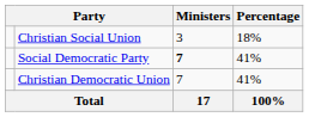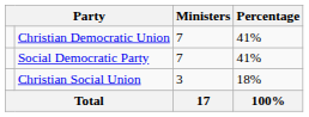 <table class="wikitable">
 <tr>
 <th colspan="2">Party</th>
 <th>Ministers</th>
 <th>Percentage</th>
+</tr>
+<tr>
+<td width="4px"></td>
+<td><a href='#'>Christian Democratic Union</a></td>
+<td>7</td>
+<td>41%</td>
+</tr>
+<tr>
+<td width="4px"></td>
+<td><a href='#'>Social Democratic Party</a></td>
+<td>7</td>
+<td>41%</td>
 </tr>
 <tr>
 <td></td>
 <td><a href='#'>Christian Social Union</a></td>
 <td>3</td>
 <td>18%</td>
 </tr>
 <tr>
-<td width="4px"></td>
-<td><a href='#'>Social Democratic Party</a></td>
-<td><strong>7</strong></td>
-<td>41%</td>
-</tr>
-<tr>
-<td width="4px"></td>
-<td><a href='#'>Christian Democratic Union</a></td>
-<td>7</td>
-<td>41%</td>
-</tr>
-<tr>
 <th colspan="2">Total</th>
 <th>17</th>
 <th>100%</th>
 </tr>
 </table>
